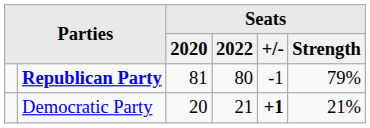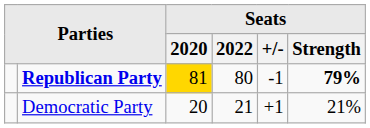 <table class=wikitable>
 <tr>
 <th style="background-color:#E9E9E9" align=center rowspan=2 colspan=2>Parties</th>
 <th style="background-color:#E9E9E9" align=center colspan=5>Seats</th>
 </tr>
 <tr bgcolor=#E9E9E9>
 <th>2020</th>
 <th>2022</th>
 <th>+/-</th>
 <th>Strength</th>
 </tr>
 <tr>
 <td style="background-color:"> </td>
 <td><strong><a href='#'>Republican Party</a></strong></td>
-<td align=right>81</td>
+<td align=right style="background: gold;">81</td>
 <td align=right>80</td>
 <td align=right>-1</td>
-<td align=right>79%</td>
+<td align=right><strong>79%</strong></td>
 </tr>
 <tr>
 <td style="background-color:"> </td>
 <td><a href='#'>Democratic Party</a></td>
 <td align=right>20</td>
 <td align=right>21</td>
-<td align=right><strong>+1</strong></td>
+<td align=right>+1</td>
 <td align=right>21%</td>
 </tr>
 </table>
